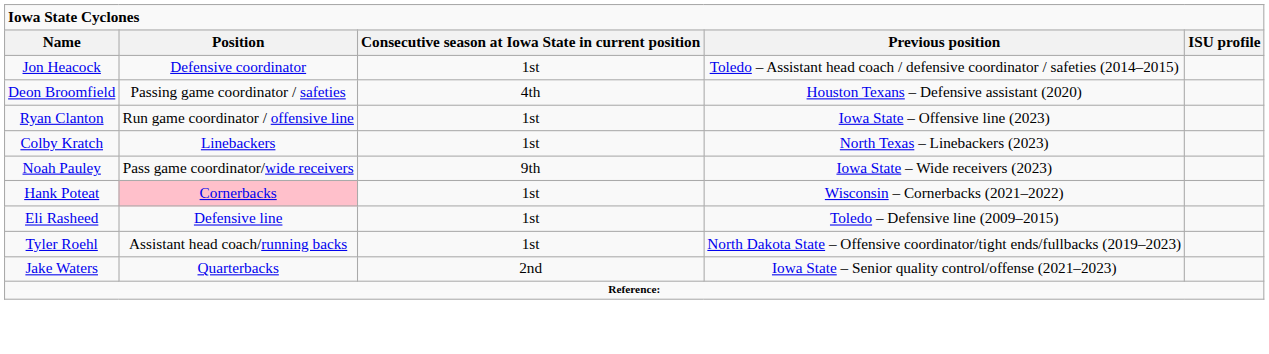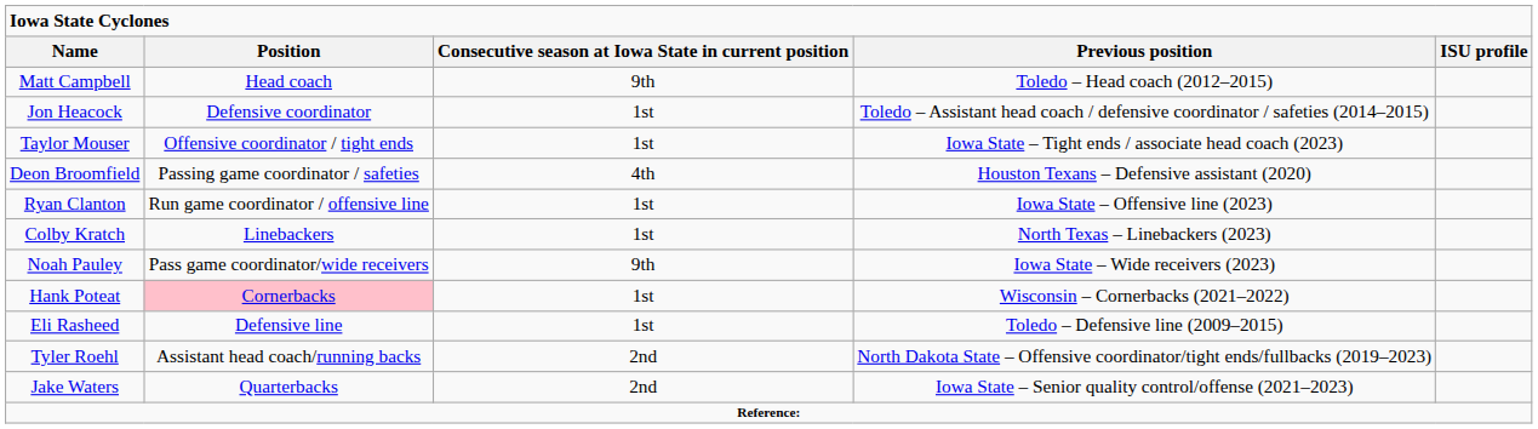 <table class="wikitable" style="font-size:90%;">
 <tr>
 <td colspan=5><strong>Iowa State Cyclones</strong></td>
 </tr>
 <tr align="center";>
 <th>Name</th>
 <th>Position</th>
 <th>Consecutive season at Iowa State in current position</th>
 <th>Previous position</th>
 <th>ISU profile</th>
 </tr>
 <tr align="center";>
+<td><a href='#'>Matt Campbell</a></td>
+<td><a href='#'>Head coach</a></td>
+<td>9th</td>
+<td><a href='#'>Toledo</a> – Head coach (2012–2015)</td>
+<td></td>
+</tr>
+<tr align="center";>
 <td><a href='#'>Jon Heacock</a></td>
 <td><a href='#'>Defensive coordinator</a></td>
 <td>1st</td>
 <td><a href='#'>Toledo</a> – Assistant head coach / defensive coordinator / safeties (2014–2015)</td>
+<td></td>
+</tr>
+<tr align="center";>
+<td><a href='#'>Taylor Mouser</a></td>
+<td><a href='#'>Offensive coordinator</a> / <a href='#'>tight ends</a></td>
+<td>1st</td>
+<td><a href='#'>Iowa State</a> – Tight ends / associate head coach (2023)</td>
 <td></td>
 </tr>
 <tr align="center";>
 <td><a href='#'>Deon Broomfield</a></td>
 <td>Passing game coordinator / <a href='#'>safeties</a></td>
 <td>4th</td>
 <td><a href='#'>Houston Texans</a> – Defensive assistant (2020)</td>
 <td></td>
 </tr>
 <tr align="center";>
 <td><a href='#'>Ryan Clanton</a></td>
 <td>Run game coordinator / <a href='#'>offensive line</a></td>
 <td>1st</td>
 <td><a href='#'>Iowa State</a> – Offensive line (2023)</td>
 <td></td>
 </tr>
 <tr align="center";>
 <td><a href='#'>Colby Kratch</a></td>
 <td><a href='#'>Linebackers</a></td>
 <td>1st</td>
 <td><a href='#'>North Texas</a> – Linebackers (2023)</td>
 <td></td>
 </tr>
 <tr align="center";>
 <td><a href='#'>Noah Pauley</a></td>
 <td>Pass game coordinator/<a href='#'>wide receivers</a></td>
 <td>9th</td>
 <td><a href='#'>Iowa State</a> – Wide receivers (2023)</td>
 <td></td>
 </tr>
 <tr align="center";>
 <td><a href='#'>Hank Poteat</a></td>
 <td style="background: pink;"><a href='#'>Cornerbacks</a></td>
 <td>1st</td>
 <td><a href='#'>Wisconsin</a> – Cornerbacks (2021–2022)</td>
 <td></td>
 </tr>
 <tr align="center";>
 <td><a href='#'>Eli Rasheed</a></td>
 <td><a href='#'>Defensive line</a></td>
 <td>1st</td>
 <td><a href='#'>Toledo</a> – Defensive line (2009–2015)</td>
 <td></td>
 </tr>
 <tr align="center";>
 <td><a href='#'>Tyler Roehl</a></td>
 <td>Assistant head coach/<a href='#'>running backs</a></td>
-<td>1st</td>
+<td>2nd</td>
 <td><a href='#'>North Dakota State</a> – Offensive coordinator/tight ends/fullbacks (2019–2023)</td>
 <td></td>
 </tr>
 <tr align="center";>
 <td><a href='#'>Jake Waters</a></td>
 <td><a href='#'>Quarterbacks</a></td>
 <td>2nd</td>
 <td><a href='#'>Iowa State</a> – Senior quality control/offense (2021–2023)</td>
 <td></td>
 </tr>
 <tr>
 <td colspan="5" style="font-size:8pt; text-align:center;"><strong>Reference:</strong></td>
 </tr>
 </table>
